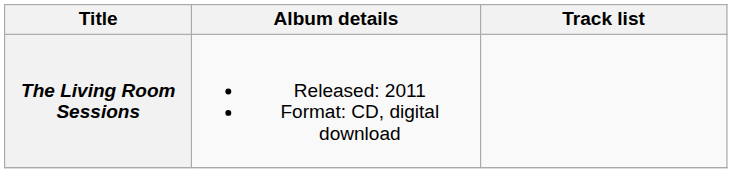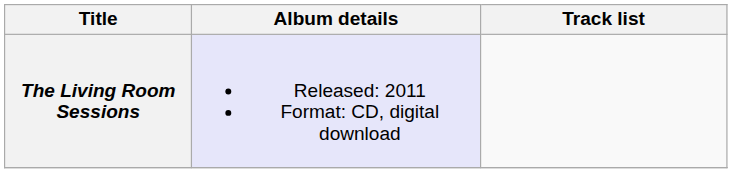 <table class="wikitable plainrowheaders" style="text-align:center;">
 <tr>
 <th rowspan="1" style="width:150px;">Title</th>
 <th rowspan="1">Album details</th>
 <th rowspan="1" style="width:200px;">Track list</th>
 </tr>
 <tr>
 <th scope="row"><strong><em>The Living Room Sessions</em></strong></th>
-<td><br><ul><li>Released: 2011</li><li>Format: CD, digital download</li></ul></td>
+<td style="background: lavender;"><br><ul><li>Released: 2011</li><li>Format: CD, digital download</li></ul></td>
 <td style="font-size: 85%;"></td>
 </tr>
 <tr>
 </tr>
 </table>
